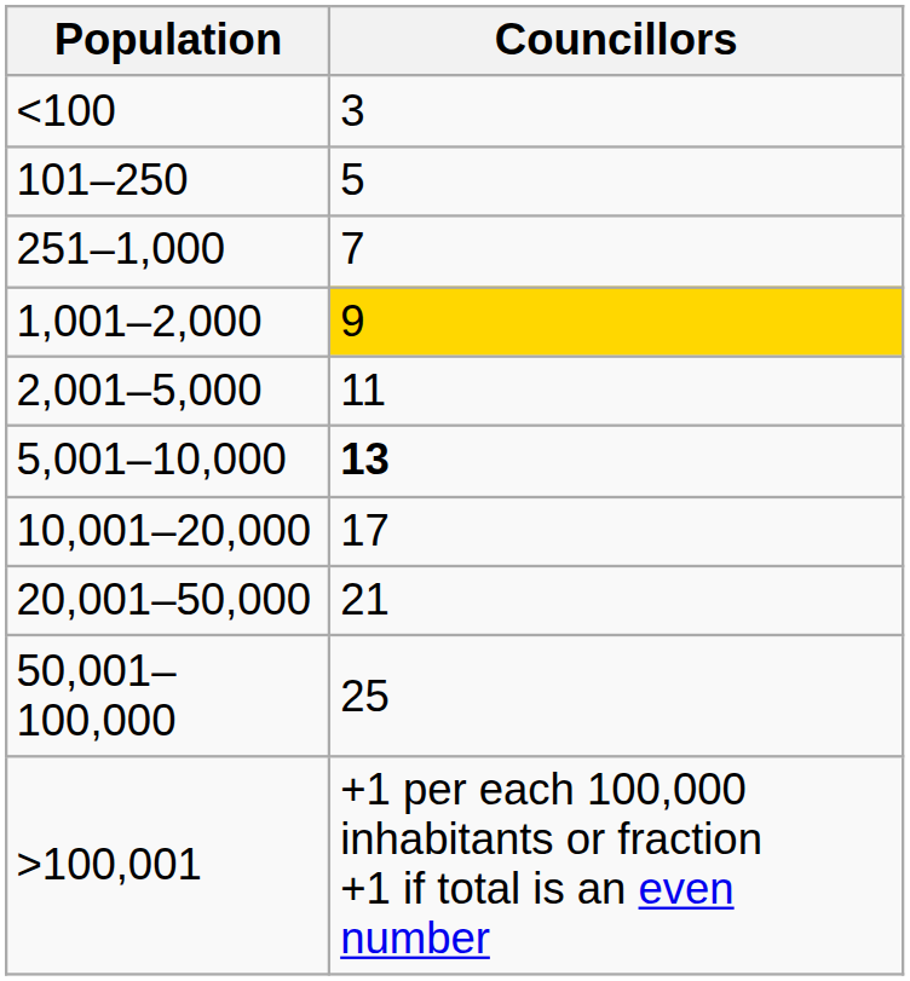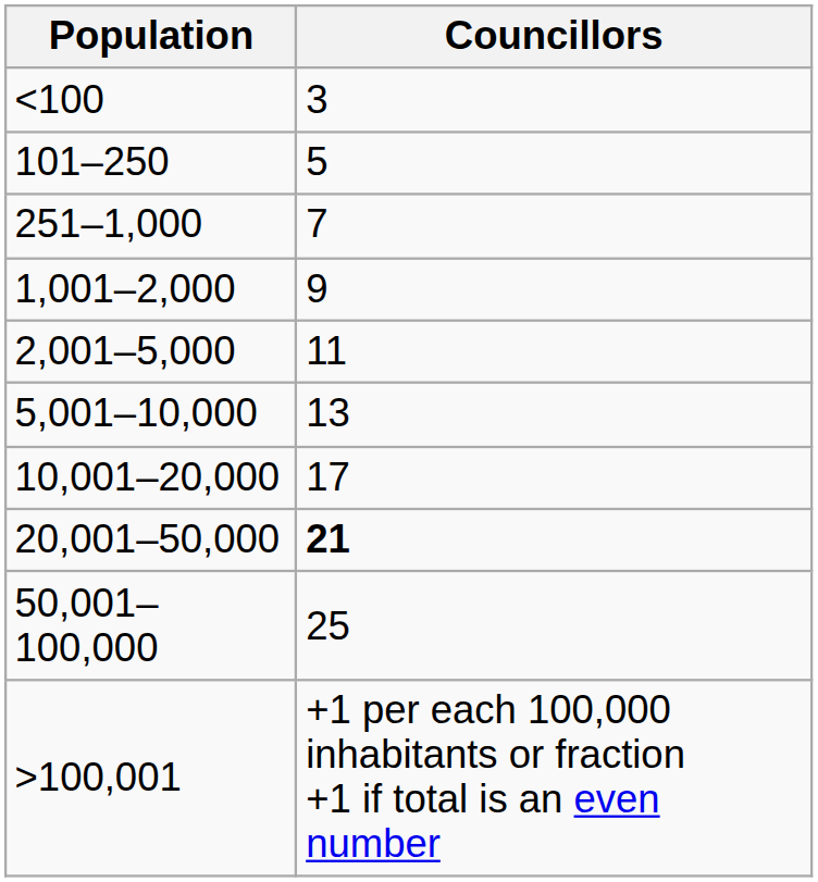 <table class="wikitable" style="text-align:left;">
 <tr>
 <th width="110">Population</th>
 <th width="200">Councillors</th>
 </tr>
 <tr>
 <td><100</td>
 <td>3</td>
 </tr>
 <tr>
 <td>101–250</td>
 <td>5</td>
 </tr>
 <tr>
 <td>251–1,000</td>
 <td>7</td>
 </tr>
 <tr>
 <td>1,001–2,000</td>
-<td style="background: gold;">9</td>
+<td>9</td>
 </tr>
 <tr>
 <td>2,001–5,000</td>
 <td>11</td>
 </tr>
 <tr>
 <td>5,001–10,000</td>
-<td><strong>13</strong></td>
+<td>13</td>
 </tr>
 <tr>
 <td>10,001–20,000</td>
 <td>17</td>
 </tr>
 <tr>
 <td>20,001–50,000</td>
-<td>21</td>
+<td><strong>21</strong></td>
 </tr>
 <tr>
 <td>50,001–100,000</td>
 <td>25</td>
 </tr>
 <tr>
 <td>>100,001</td>
 <td>+1 per each 100,000 inhabitants or fraction<br>+1 if total is an <a href='#'>even number</a></td>
 </tr>
 </table>
